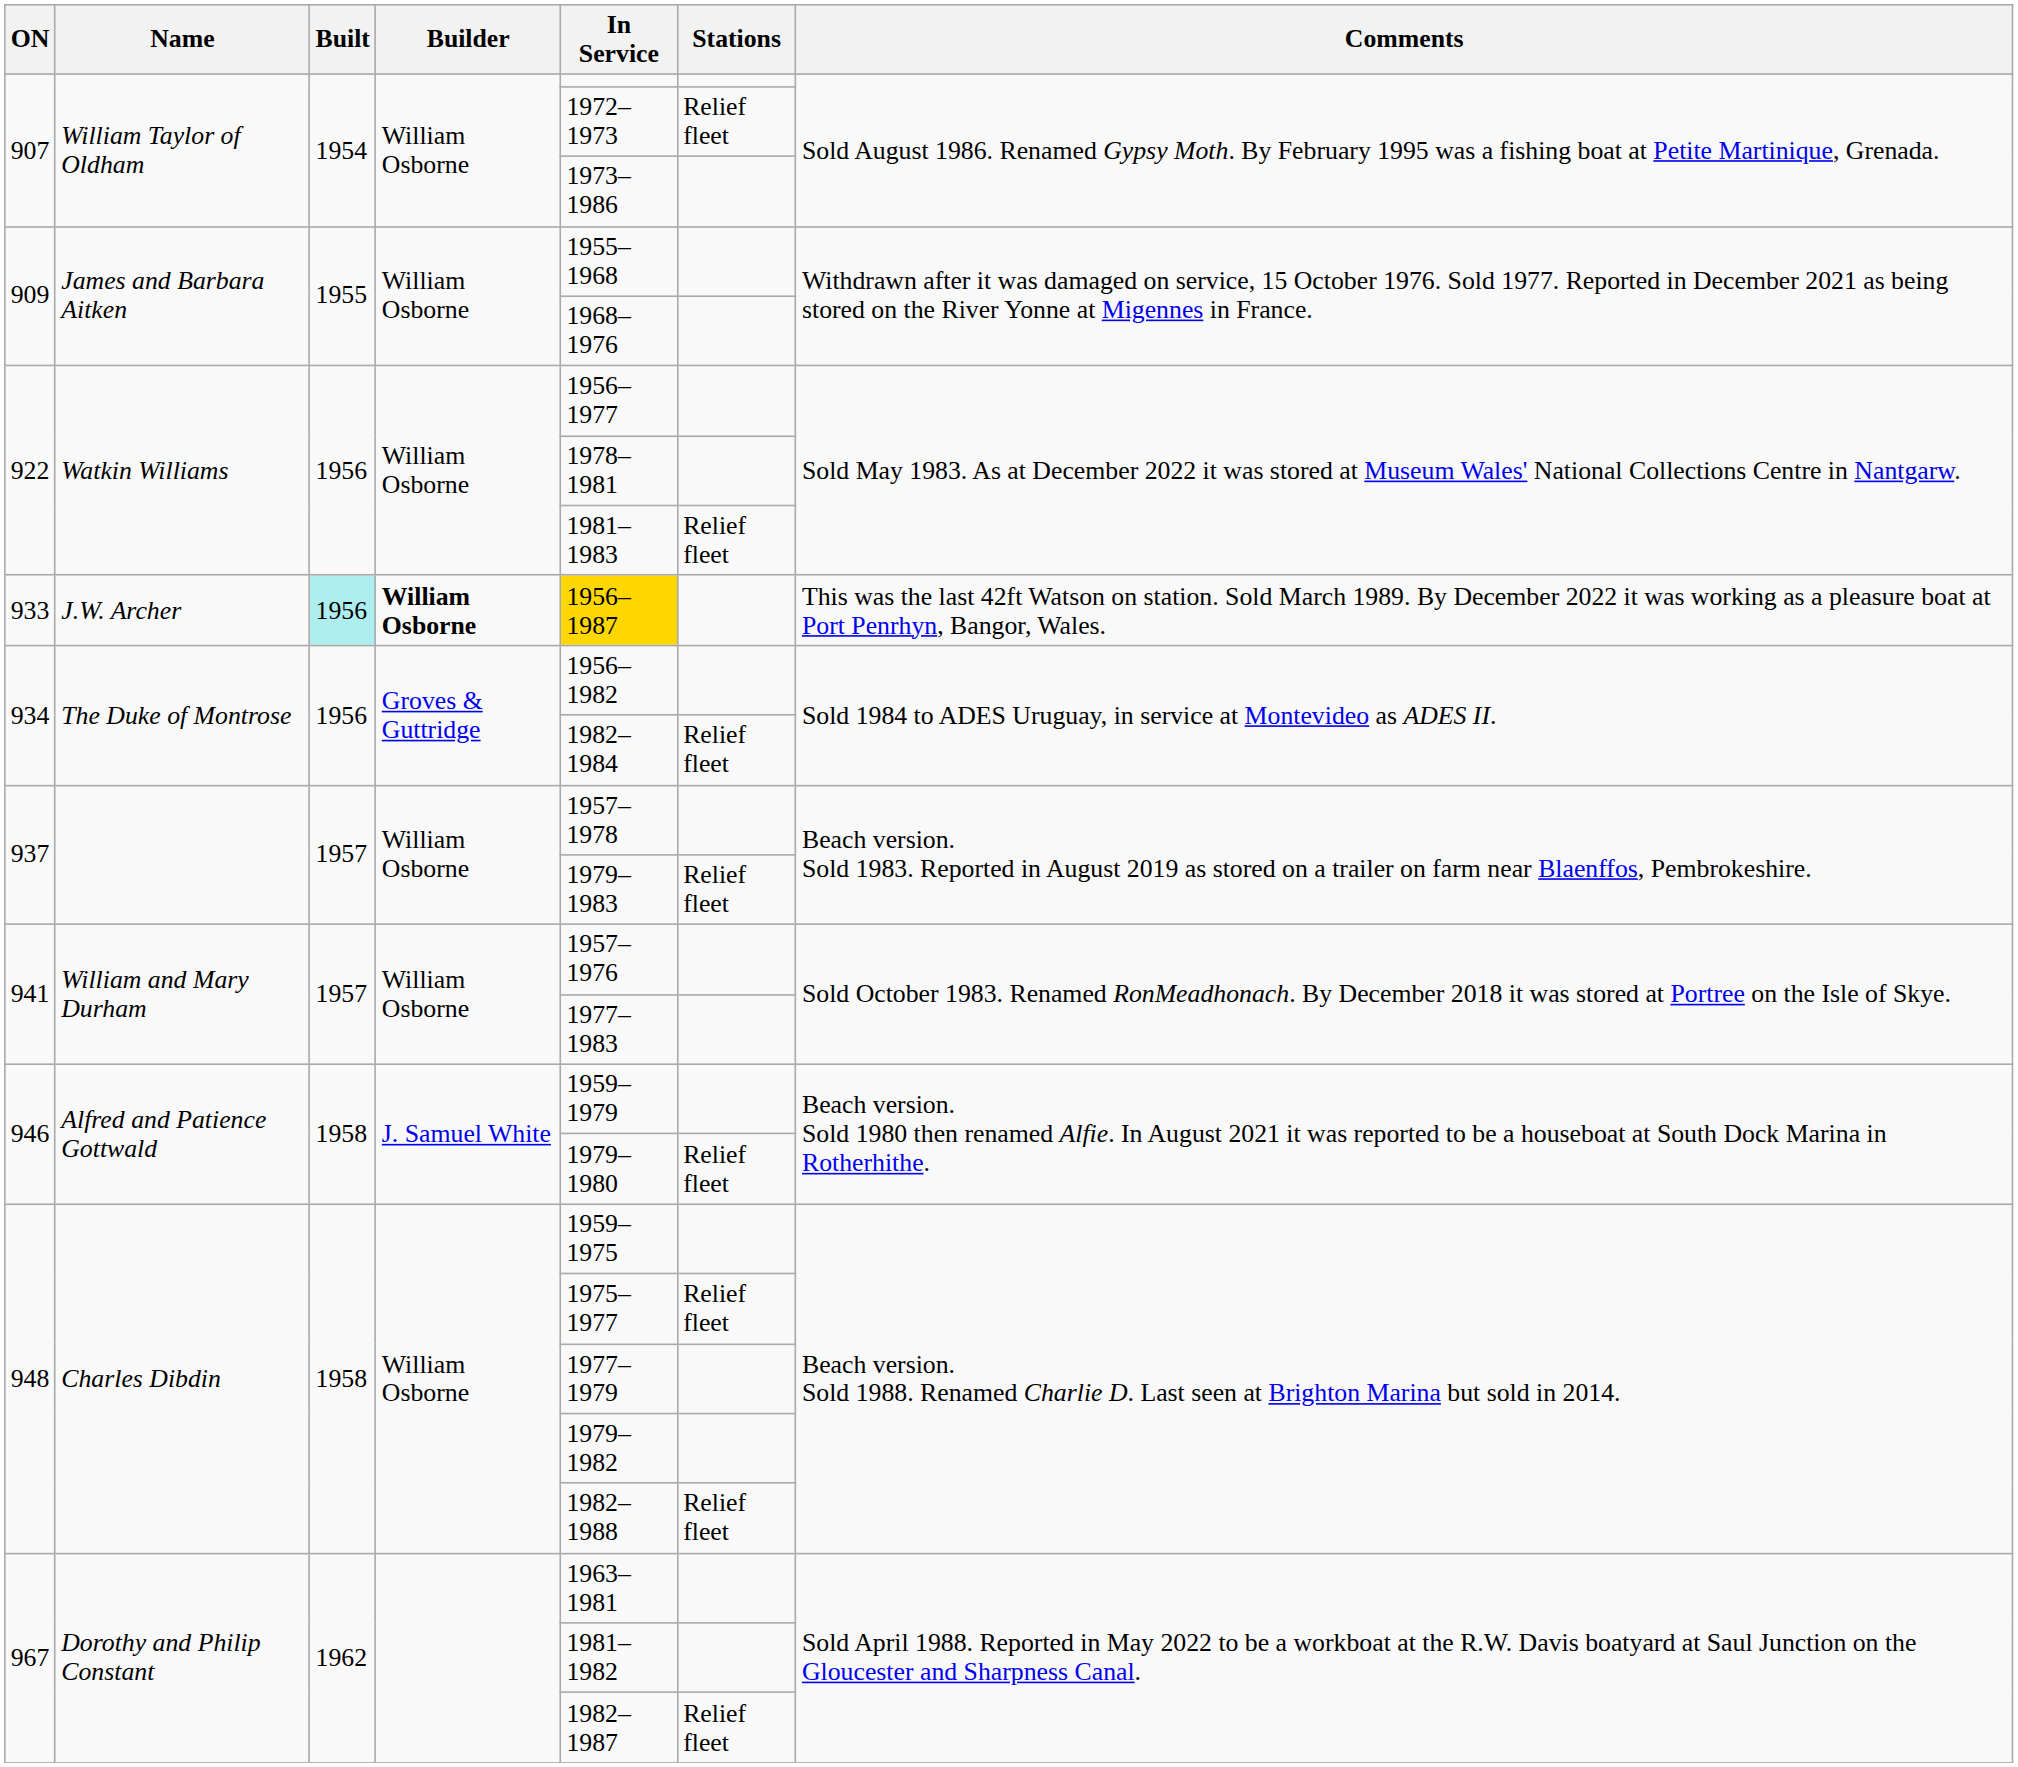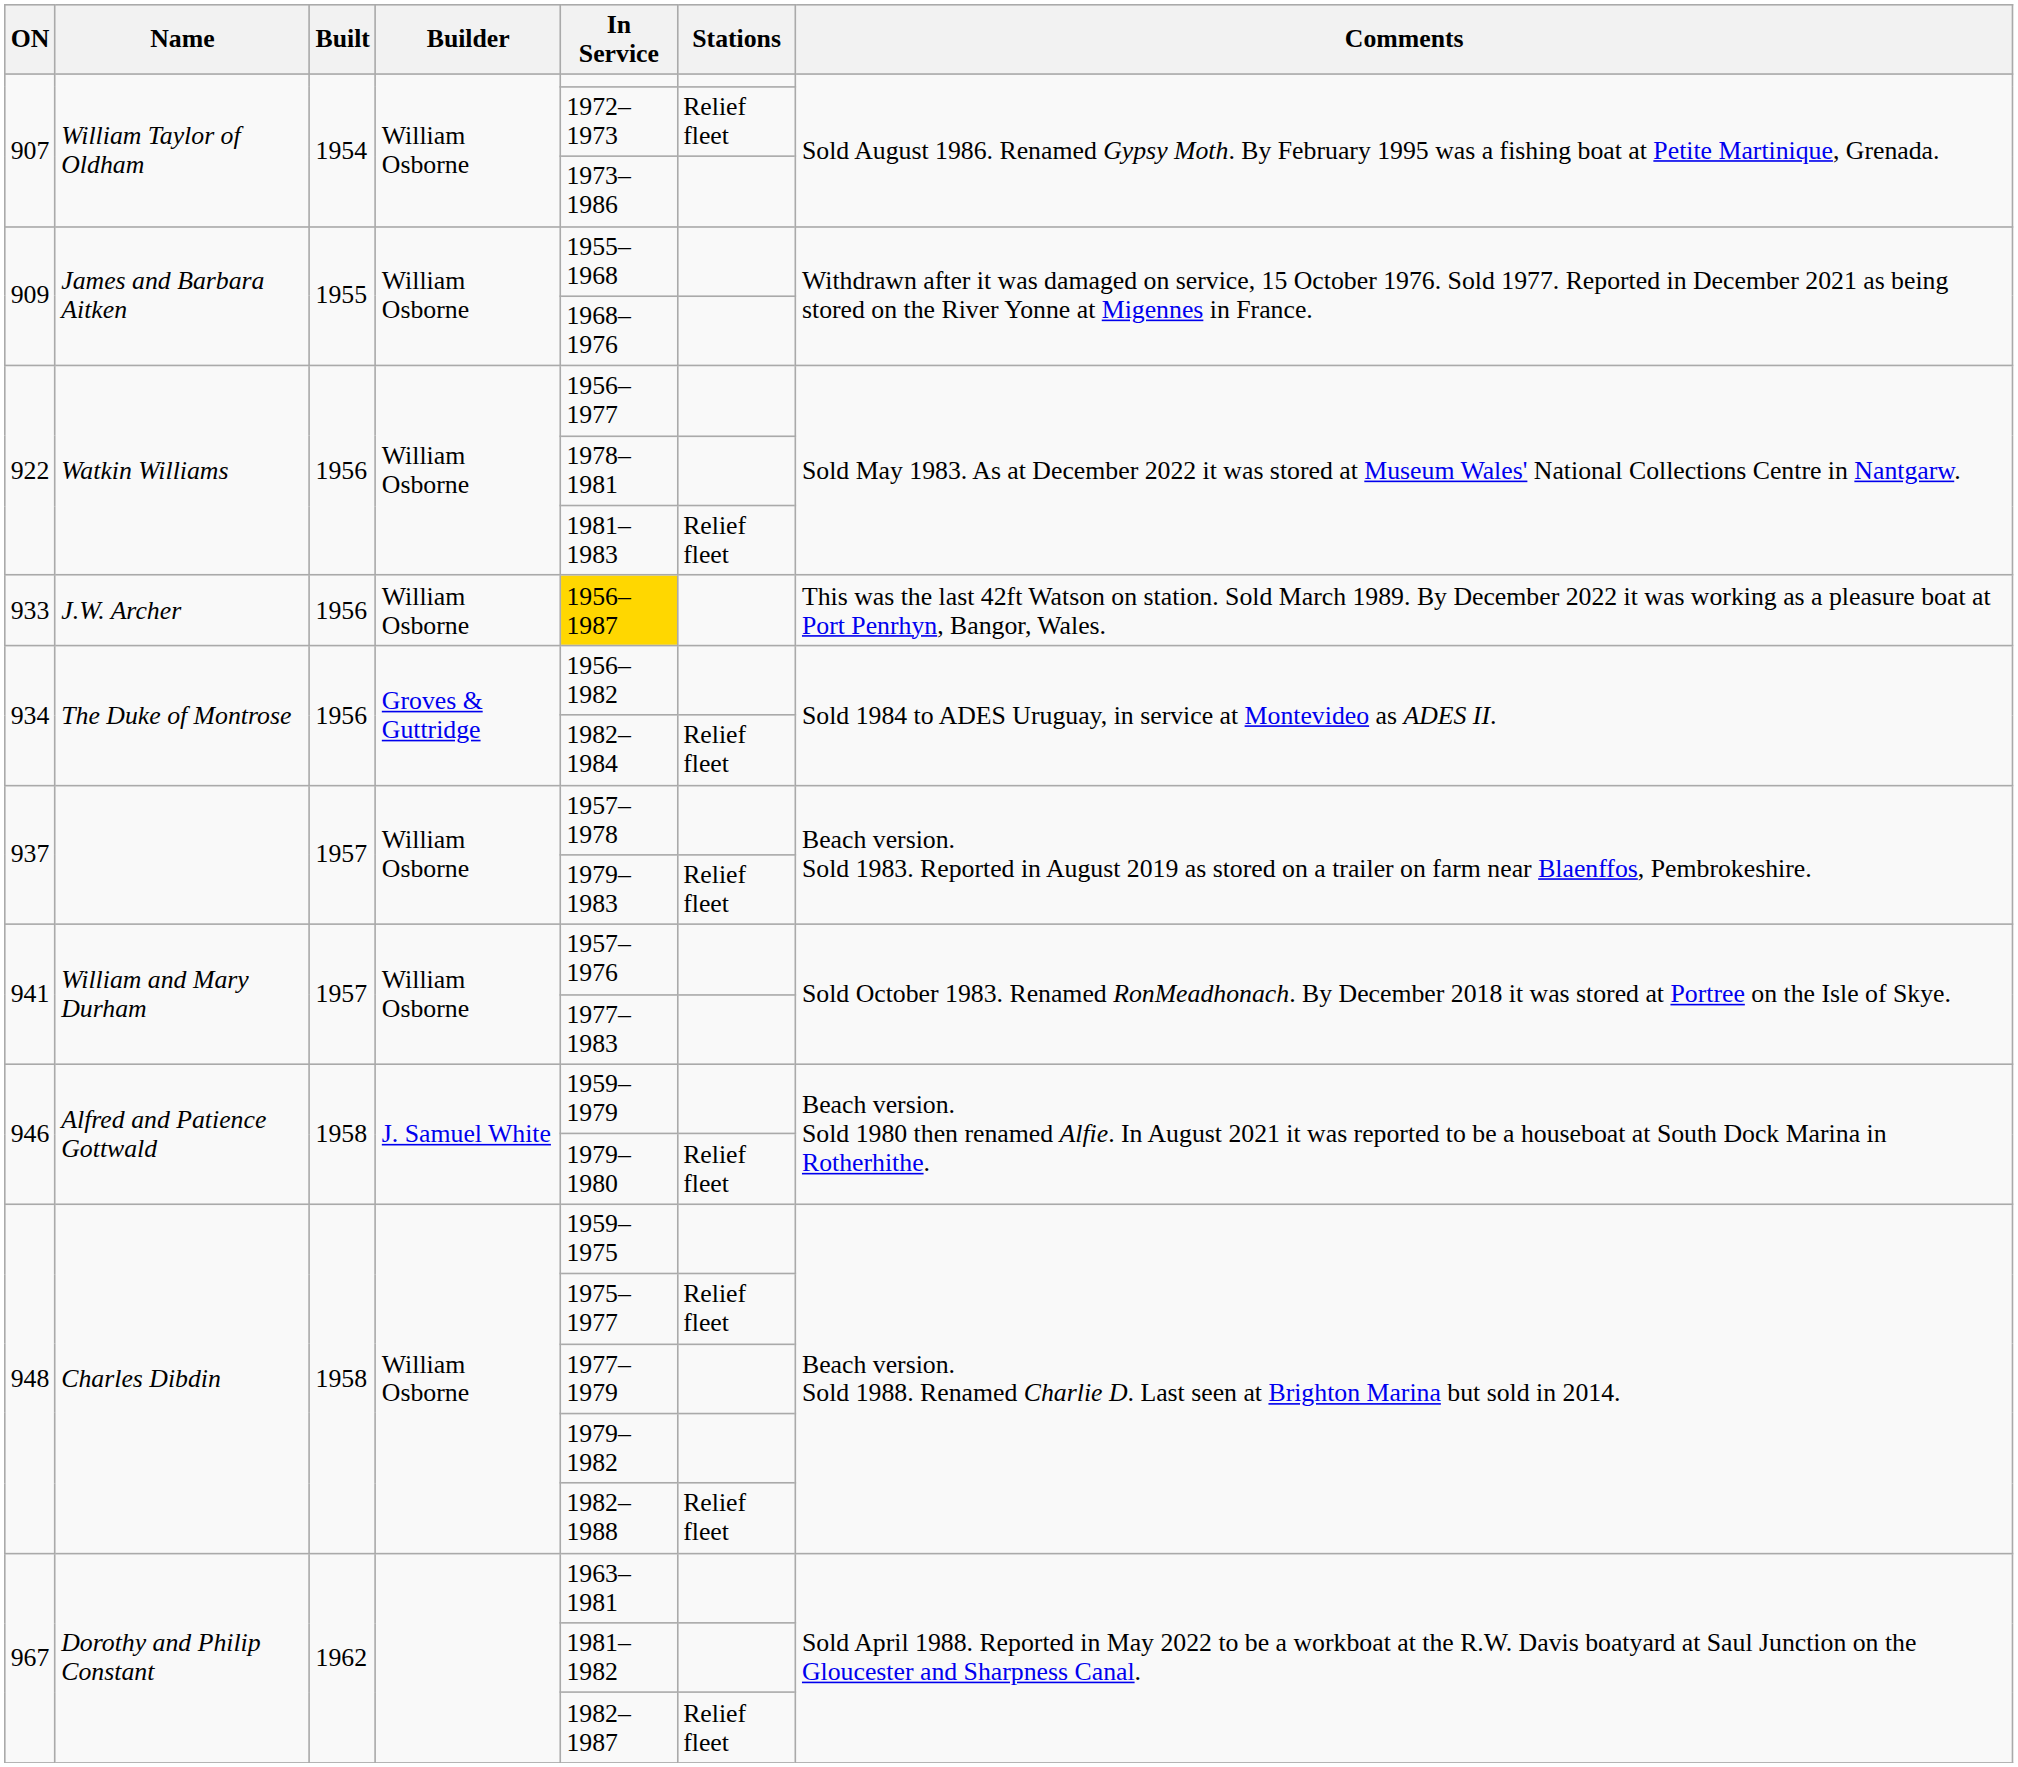 <table class="wikitable">
 <tr>
 <th>ON</th>
 <th>Name</th>
 <th>Built</th>
 <th>Builder</th>
 <th>In Service</th>
 <th>Stations</th>
 <th>Comments</th>
 </tr>
 <tr>
 <td rowspan="3">907</td>
 <td rowspan="3"><em>William Taylor of Oldham</em></td>
 <td rowspan="3">1954</td>
 <td rowspan="3">William Osborne</td>
 <td></td>
 <td></td>
 <td rowspan="3">Sold August 1986. Renamed <em>Gypsy Moth</em>. By February 1995 was a fishing boat at <a href='#'>Petite Martinique</a>, Grenada.</td>
 </tr>
 <tr>
 <td>1972–1973</td>
 <td>Relief fleet</td>
 </tr>
 <tr>
 <td>1973–1986</td>
 <td></td>
 </tr>
 <tr>
 <td rowspan="2">909</td>
 <td rowspan="2"><em>James and Barbara Aitken</em></td>
 <td rowspan="2">1955</td>
 <td rowspan="2">William Osborne</td>
 <td>1955–1968</td>
 <td></td>
 <td rowspan="2">Withdrawn after it was damaged on service, 15 October 1976. Sold 1977. Reported in December 2021 as being stored on the River Yonne at <a href='#'>Migennes</a> in France.</td>
 </tr>
 <tr>
 <td>1968–1976</td>
 <td></td>
 </tr>
 <tr>
 <td rowspan="3">922</td>
 <td rowspan="3"><em>Watkin Williams</em></td>
 <td rowspan="3">1956</td>
 <td rowspan="3">William Osborne</td>
 <td>1956–1977</td>
 <td></td>
 <td rowspan="3">Sold May 1983. As at December 2022 it was stored at <a href='#'>Museum Wales'</a> National Collections Centre in <a href='#'>Nantgarw</a>.</td>
 </tr>
 <tr>
 <td>1978–1981</td>
 <td></td>
 </tr>
 <tr>
 <td>1981–1983</td>
 <td>Relief fleet</td>
 </tr>
 <tr>
 <td>933</td>
 <td><em>J.W. Archer</em></td>
-<td style="background: paleturquoise;">1956</td>
-<td><strong>William Osborne</strong></td>
+<td>1956</td>
+<td>William Osborne</td>
 <td style="background: gold;">1956–1987</td>
 <td></td>
 <td>This was the last 42ft Watson on station. Sold March 1989. By December 2022 it was working as a pleasure boat at <a href='#'>Port Penrhyn</a>, Bangor, Wales.</td>
 </tr>
 <tr>
 <td rowspan="2">934</td>
 <td rowspan="2"><em>The Duke of Montrose</em></td>
 <td rowspan="2">1956</td>
 <td rowspan="2"><a href='#'>Groves & Guttridge</a></td>
 <td>1956–1982</td>
 <td></td>
 <td rowspan="2">Sold 1984 to ADES Uruguay, in service at <a href='#'>Montevideo</a> as <em>ADES II</em>.</td>
 </tr>
 <tr>
 <td>1982–1984</td>
 <td>Relief fleet</td>
 </tr>
 <tr>
 <td rowspan="2">937</td>
 <td rowspan="2"></td>
 <td rowspan="2">1957</td>
 <td rowspan="2">William Osborne</td>
 <td>1957–1978</td>
 <td></td>
 <td rowspan="2">Beach version.<br>Sold 1983. Reported in August 2019 as stored on a trailer on farm near <a href='#'>Blaenffos</a>, Pembrokeshire.</td>
 </tr>
 <tr>
 <td>1979–1983</td>
 <td>Relief fleet</td>
 </tr>
 <tr>
 <td rowspan="2">941</td>
 <td rowspan="2"><em>William and Mary Durham</em></td>
 <td rowspan="2">1957</td>
 <td rowspan="2">William Osborne</td>
 <td>1957–1976</td>
 <td></td>
 <td rowspan="2">Sold October 1983. Renamed <em>RonMeadhonach</em>. By December 2018 it was stored at <a href='#'>Portree</a> on the Isle of Skye.</td>
 </tr>
 <tr>
 <td>1977–1983</td>
 <td></td>
 </tr>
 <tr>
 <td rowspan="2">946</td>
 <td rowspan="2"><em>Alfred and Patience Gottwald</em></td>
 <td rowspan="2">1958</td>
 <td rowspan="2"><a href='#'>J. Samuel White</a></td>
 <td>1959–1979</td>
 <td></td>
 <td rowspan="2">Beach version.<br>Sold 1980 then renamed <em>Alfie</em>. In August 2021 it was reported to be a houseboat at South Dock Marina in <a href='#'>Rotherhithe</a>.</td>
 </tr>
 <tr>
 <td>1979–1980</td>
 <td>Relief fleet</td>
 </tr>
 <tr>
 <td rowspan="5">948</td>
 <td rowspan="5"><em>Charles Dibdin <br></em></td>
 <td rowspan="5">1958</td>
 <td rowspan="5">William Osborne</td>
 <td>1959–1975</td>
 <td></td>
 <td rowspan="5">Beach version.<br>Sold 1988. Renamed <em>Charlie D</em>. Last seen  at <a href='#'>Brighton Marina</a> but sold in 2014.</td>
 </tr>
 <tr>
 <td>1975–1977</td>
 <td>Relief fleet</td>
 </tr>
 <tr>
 <td>1977–1979</td>
 <td></td>
 </tr>
 <tr>
 <td>1979–1982</td>
 <td></td>
 </tr>
 <tr>
 <td>1982–1988</td>
 <td>Relief fleet</td>
 </tr>
 <tr>
 <td rowspan="3">967</td>
 <td rowspan="3"><em>Dorothy and Philip Constant</em></td>
 <td rowspan="3">1962</td>
 <td rowspan="3"></td>
 <td>1963–1981</td>
 <td></td>
 <td rowspan="3">Sold April 1988. Reported in May 2022 to be a workboat at the R.W. Davis boatyard at Saul Junction on the <a href='#'>Gloucester and Sharpness Canal</a>.</td>
 </tr>
 <tr>
 <td>1981–1982</td>
 <td></td>
 </tr>
 <tr>
 <td>1982–1987</td>
 <td>Relief fleet</td>
 </tr>
 </table>
